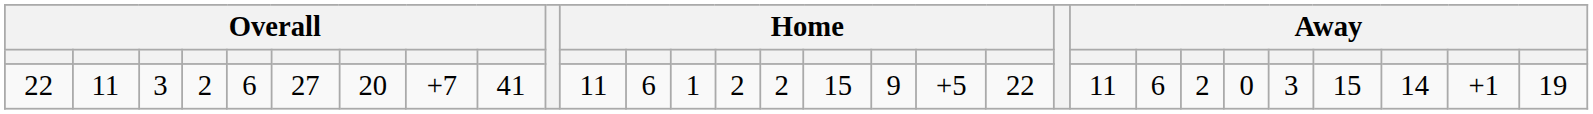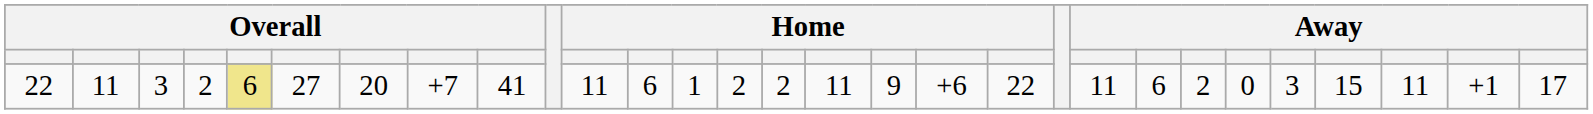 <table class="wikitable" style="text-align: center; width:70%">
 <tr>
 <th colspan="9">Overall</th>
 <th rowspan="3" width="1%"></th>
 <th colspan="9">Home</th>
 <th rowspan="3" width="1%"></th>
 <th colspan="9">Away</th>
 </tr>
 <tr>
 <th></th>
 <th></th>
 <th></th>
 <th></th>
 <th></th>
 <th></th>
 <th></th>
 <th></th>
 <th></th>
 <th></th>
 <th></th>
 <th></th>
 <th></th>
 <th></th>
 <th></th>
 <th></th>
 <th></th>
 <th></th>
 <th></th>
 <th></th>
 <th></th>
 <th></th>
 <th></th>
 <th></th>
 <th></th>
 <th></th>
 <th></th>
 </tr>
 <tr>
 <td>22</td>
 <td>11</td>
 <td>3</td>
 <td>2</td>
-<td>6</td>
+<td style="background: khaki;">6</td>
 <td>27</td>
 <td>20</td>
 <td>+7</td>
 <td>41</td>
 <td>11</td>
 <td>6</td>
 <td>1</td>
 <td>2</td>
 <td>2</td>
-<td>15</td>
+<td>11</td>
 <td>9</td>
-<td>+5</td>
+<td>+6</td>
 <td>22</td>
 <td>11</td>
 <td>6</td>
 <td>2</td>
 <td>0</td>
 <td>3</td>
 <td>15</td>
-<td>14</td>
+<td>11</td>
 <td>+1</td>
-<td>19</td>
+<td>17</td>
 </tr>
 </table>
